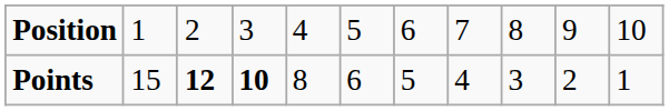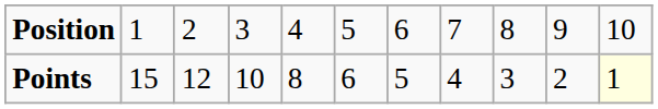 <table class="wikitable" style="font-size: 95%;">
 <tr>
 <td><strong>Position</strong></td>
 <td width=20>1</td>
 <td width=20>2</td>
 <td width=20>3</td>
 <td width=20>4</td>
 <td width=20>5</td>
 <td width=20>6</td>
 <td width=20>7</td>
 <td width=20>8</td>
 <td width=20>9</td>
 <td width=20>10</td>
 </tr>
 <tr>
 <td><strong>Points</strong></td>
 <td>15</td>
-<td><strong>12</strong></td>
-<td><strong>10</strong></td>
+<td>12</td>
+<td>10</td>
 <td>8</td>
 <td>6</td>
 <td>5</td>
 <td>4</td>
 <td>3</td>
 <td>2</td>
-<td>1</td>
+<td style="background: lightyellow;">1</td>
 </tr>
 </table>
